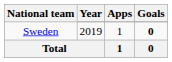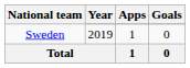 <table class="wikitable" style="text-align:center">
 <tr>
 <th>National team</th>
 <th>Year</th>
 <th>Apps</th>
 <th>Goals</th>
 </tr>
 <tr>
 <td rowspan="2"><a href='#'>Sweden</a></td>
 </tr>
 <tr>
 <td>2019</td>
 <td>1</td>
-<td><strong>0</strong></td>
+<td>0</td>
 </tr>
 <tr>
 <th colspan="2">Total</th>
 <th>1</th>
 <th>0</th>
 </tr>
 </table>
